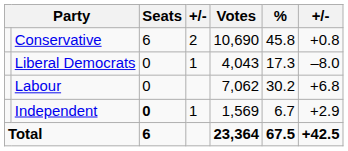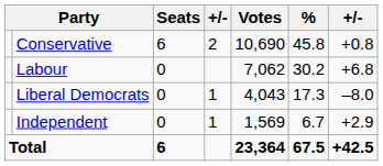 <table class="wikitable sortable">
 <tr>
 <th colspan="2">Party</th>
 <th>Seats</th>
 <th>+/-</th>
 <th>Votes</th>
 <th>%</th>
 <th>+/-</th>
 </tr>
 <tr>
 <td style="background-color: "></td>
 <td><a href='#'>Conservative</a></td>
 <td>6</td>
 <td> 2</td>
 <td style="text-align:right;">10,690</td>
 <td style="text-align:right;">45.8</td>
 <td style="text-align:right;">+0.8</td>
 </tr>
 <tr>
 <td style="background-color: "></td>
+<td><a href='#'>Labour</a></td>
+<td>0</td>
+<td></td>
+<td style="text-align:right;">7,062</td>
+<td style="text-align:right;">30.2</td>
+<td style="text-align:right;">+6.8</td>
+</tr>
+<tr>
+<td style="background-color: "></td>
 <td><a href='#'>Liberal Democrats</a></td>
 <td>0</td>
 <td> 1</td>
 <td style="text-align:right;">4,043</td>
 <td style="text-align:right;">17.3</td>
 <td style="text-align:right;">–8.0</td>
 </tr>
 <tr>
 <td style="background-color: "></td>
-<td><a href='#'>Labour</a></td>
+<td><a href='#'>Independent</a></td>
 <td>0</td>
-<td></td>
-<td style="text-align:right;">7,062</td>
-<td style="text-align:right;">30.2</td>
-<td style="text-align:right;">+6.8</td>
-</tr>
-<tr>
-<td style="background-color: "></td>
-<td><a href='#'>Independent</a></td>
-<td><strong>0</strong></td>
 <td> 1</td>
 <td style="text-align:right;">1,569</td>
 <td style="text-align:right;">6.7</td>
 <td style="text-align:right;">+2.9</td>
 </tr>
 <tr>
 <td colspan="2"><strong>Total</strong></td>
 <td><strong>6</strong></td>
 <td></td>
 <td style="text-align:right;"><strong>23,364</strong></td>
 <td style="text-align:right;"><strong>67.5</strong></td>
 <td style="text-align:right;"><strong>+42.5</strong></td>
 </tr>
 </table>
